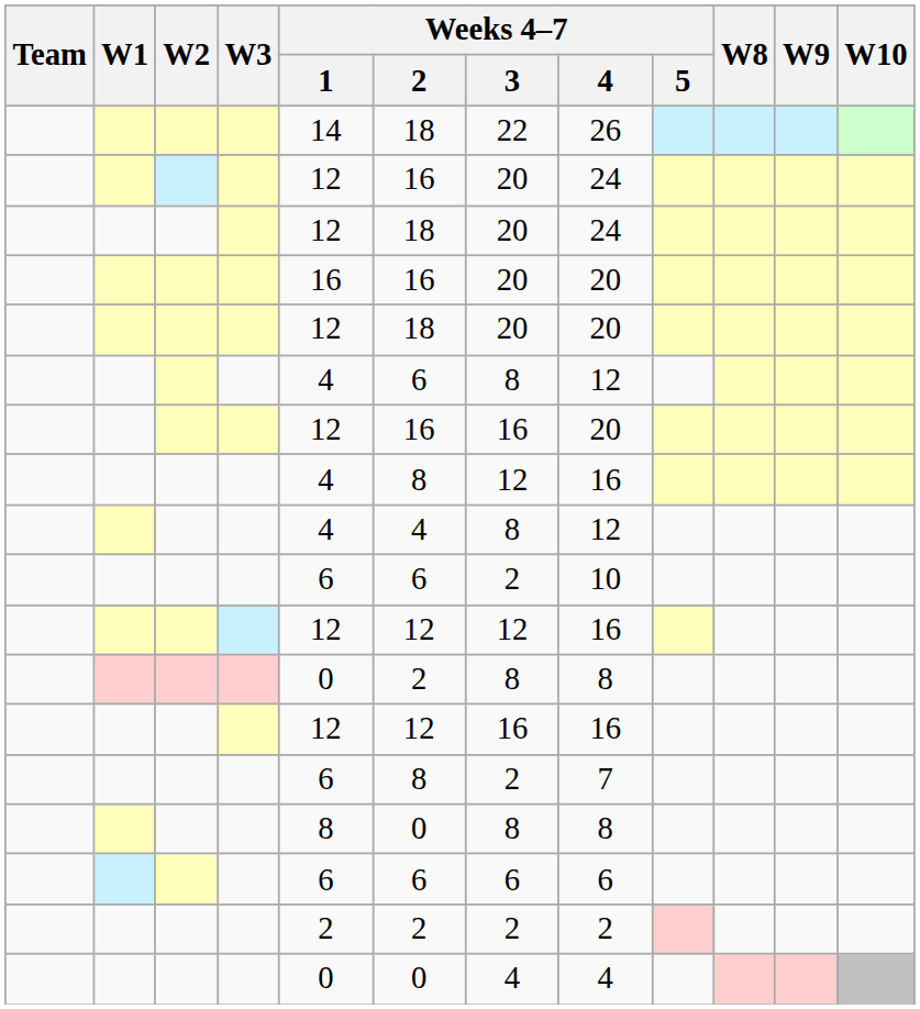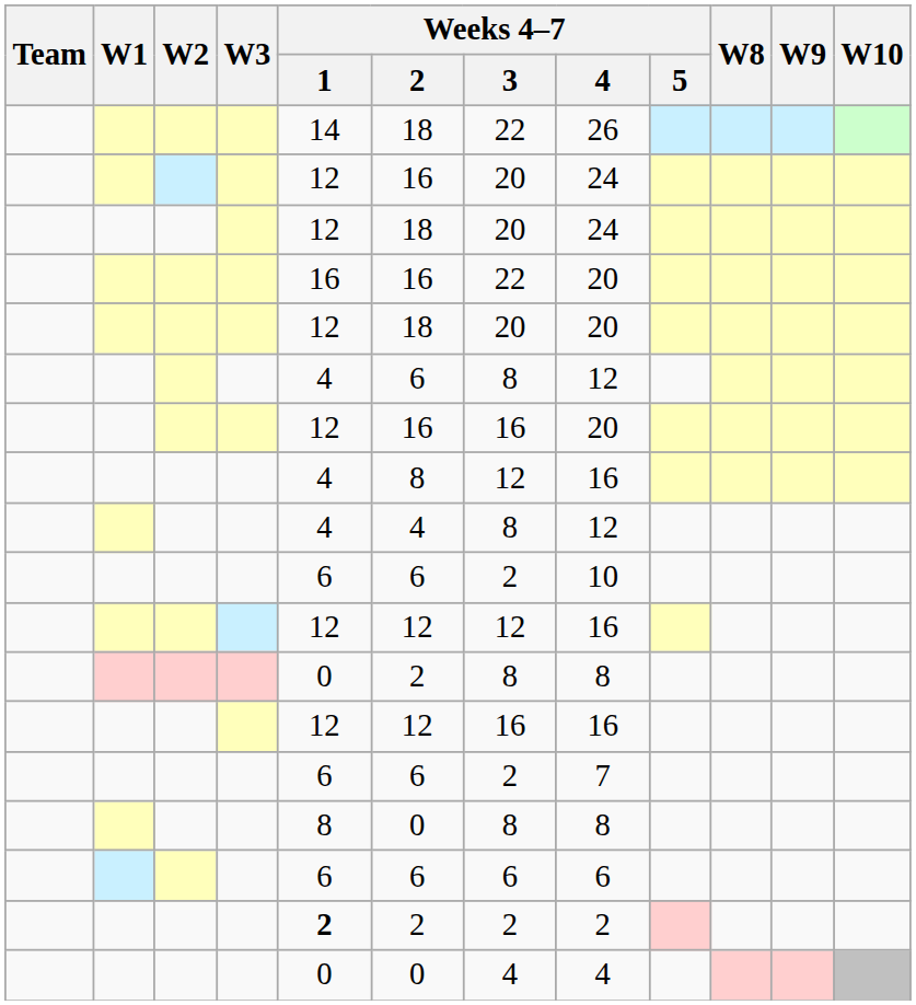 <table class="wikitable sortable" style=text-align:center>
 <tr>
 <th rowspan=2>Team</th>
 <th rowspan=2>W1</th>
 <th rowspan=2>W2</th>
 <th rowspan=2>W3</th>
 <th colspan=5>Weeks 4–7</th>
 <th rowspan=2>W8</th>
 <th rowspan=2>W9</th>
 <th rowspan=2>W10</th>
 </tr>
 <tr>
 <th class=unsortable style=width:2.5em>1</th>
 <th class=unsortable style=width:2.5em>2</th>
 <th class=unsortable style=width:2.5em>3</th>
 <th class=unsortable style=width:2.5em>4</th>
 <th style=width:1.5em>5</th>
 </tr>
 <tr>
 <td align=left></td>
 <td bgcolor=FFFFBB></td>
 <td bgcolor=FFFFBB></td>
 <td bgcolor=FFFFBB></td>
 <td>14</td>
 <td>18</td>
 <td>22</td>
 <td>26</td>
 <td bgcolor=C9F0FF></td>
 <td bgcolor=C9F0FF></td>
 <td bgcolor=C9F0FF></td>
 <td bgcolor=CCFFCC><strong></strong></td>
 </tr>
 <tr>
 <td align=left></td>
 <td bgcolor=FFFFBB></td>
 <td bgcolor=C9F0FF></td>
 <td bgcolor=FFFFBB></td>
 <td>12</td>
 <td>16</td>
 <td>20</td>
 <td>24</td>
 <td bgcolor=FFFFBB></td>
 <td bgcolor=FFFFBB></td>
 <td bgcolor=FFFFBB></td>
 <td bgcolor=FFFFBB></td>
 </tr>
 <tr>
 <td align=left></td>
 <td></td>
 <td></td>
 <td bgcolor=FFFFBB></td>
 <td>12</td>
 <td>18</td>
 <td>20</td>
 <td>24</td>
 <td bgcolor=FFFFBB></td>
 <td bgcolor=FFFFBB></td>
 <td bgcolor=FFFFBB></td>
 <td bgcolor=FFFFBB></td>
 </tr>
 <tr>
 <td align=left></td>
 <td bgcolor=FFFFBB></td>
 <td bgcolor=FFFFBB></td>
 <td bgcolor=FFFFBB></td>
 <td>16</td>
 <td>16</td>
-<td>20</td>
+<td>22</td>
 <td>20</td>
 <td bgcolor=FFFFBB></td>
 <td bgcolor=FFFFBB></td>
 <td bgcolor=FFFFBB></td>
 <td bgcolor=FFFFBB></td>
 </tr>
 <tr>
 <td align=left></td>
 <td bgcolor=FFFFBB></td>
 <td bgcolor=FFFFBB></td>
 <td bgcolor=FFFFBB></td>
 <td>12</td>
 <td>18</td>
 <td>20</td>
 <td>20</td>
 <td bgcolor=FFFFBB></td>
 <td bgcolor=FFFFBB></td>
 <td bgcolor=FFFFBB></td>
 <td bgcolor=FFFFBB></td>
 </tr>
 <tr>
 <td align=left></td>
 <td></td>
 <td bgcolor=FFFFBB></td>
 <td></td>
 <td>4</td>
 <td>6</td>
 <td>8</td>
 <td>12</td>
 <td></td>
 <td bgcolor=FFFFBB></td>
 <td bgcolor=FFFFBB></td>
 <td bgcolor=FFFFBB></td>
 </tr>
 <tr>
 <td align=left></td>
 <td></td>
 <td bgcolor=FFFFBB></td>
 <td bgcolor=FFFFBB></td>
 <td>12</td>
 <td>16</td>
 <td>16</td>
 <td>20</td>
 <td bgcolor=FFFFBB></td>
 <td bgcolor=FFFFBB></td>
 <td bgcolor=FFFFBB></td>
 <td bgcolor=FFFFBB></td>
 </tr>
 <tr>
 <td align=left></td>
 <td></td>
 <td></td>
 <td></td>
 <td>4</td>
 <td>8</td>
 <td>12</td>
 <td>16</td>
 <td bgcolor=FFFFBB></td>
 <td bgcolor=FFFFBB></td>
 <td bgcolor=FFFFBB></td>
 <td bgcolor=FFFFBB></td>
 </tr>
 <tr>
 <td align=left></td>
 <td bgcolor=FFFFBB></td>
 <td></td>
 <td></td>
 <td>4</td>
 <td>4</td>
 <td>8</td>
 <td>12</td>
 <td></td>
 <td></td>
 <td></td>
 <td></td>
 </tr>
 <tr>
 <td align=left></td>
 <td></td>
 <td></td>
 <td></td>
 <td>6</td>
 <td>6</td>
 <td>2</td>
 <td>10</td>
 <td></td>
 <td></td>
 <td></td>
 <td></td>
 </tr>
 <tr>
 <td align=left></td>
 <td bgcolor=FFFFBB></td>
 <td bgcolor=FFFFBB></td>
 <td bgcolor=C9F0FF></td>
 <td>12</td>
 <td>12</td>
 <td>12</td>
 <td>16</td>
 <td bgcolor=FFFFBB></td>
 <td></td>
 <td></td>
 <td></td>
 </tr>
 <tr>
 <td align=left></td>
 <td bgcolor=FFCFCF></td>
 <td bgcolor=FFCFCF></td>
 <td bgcolor=FFCFCF></td>
 <td>0</td>
 <td>2</td>
 <td>8</td>
 <td>8</td>
 <td></td>
 <td></td>
 <td></td>
 <td></td>
 </tr>
 <tr>
 <td align=left></td>
 <td></td>
 <td></td>
 <td bgcolor=FFFFBB></td>
 <td>12</td>
 <td>12</td>
 <td>16</td>
 <td>16</td>
 <td></td>
 <td></td>
 <td></td>
 <td></td>
 </tr>
 <tr>
 <td align=left></td>
 <td></td>
 <td></td>
 <td></td>
 <td>6</td>
-<td>8</td>
+<td>6</td>
 <td>2</td>
 <td>7</td>
 <td></td>
 <td></td>
 <td></td>
 <td></td>
 </tr>
 <tr>
 <td align=left></td>
 <td bgcolor=FFFFBB></td>
 <td></td>
 <td></td>
 <td>8</td>
 <td>0</td>
 <td>8</td>
 <td>8</td>
 <td></td>
 <td></td>
 <td></td>
 <td></td>
 </tr>
 <tr>
 <td align=left></td>
 <td bgcolor=C9F0FF></td>
 <td bgcolor=FFFFBB></td>
 <td></td>
 <td>6</td>
 <td>6</td>
 <td>6</td>
 <td>6</td>
 <td></td>
 <td></td>
 <td></td>
 <td></td>
 </tr>
 <tr>
 <td align=left></td>
 <td></td>
 <td></td>
 <td></td>
-<td>2</td>
+<td><strong>2</strong></td>
 <td>2</td>
 <td>2</td>
 <td>2</td>
 <td bgcolor=FFCFCF></td>
 <td></td>
 <td></td>
 <td></td>
 </tr>
 <tr>
 <td align=left></td>
 <td></td>
 <td></td>
 <td></td>
 <td>0</td>
 <td>0</td>
 <td>4</td>
 <td>4</td>
 <td></td>
 <td bgcolor=FFCFCF></td>
 <td bgcolor=FFCFCF></td>
 <td bgcolor=C0C0C0><strong></strong></td>
 </tr>
 </table>
